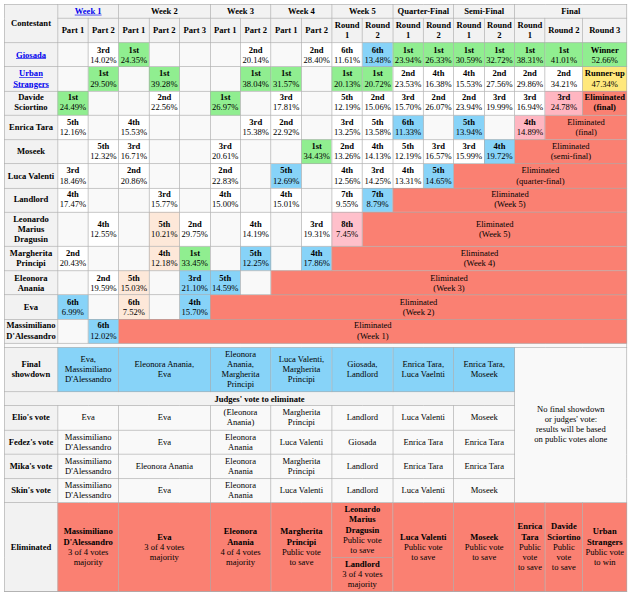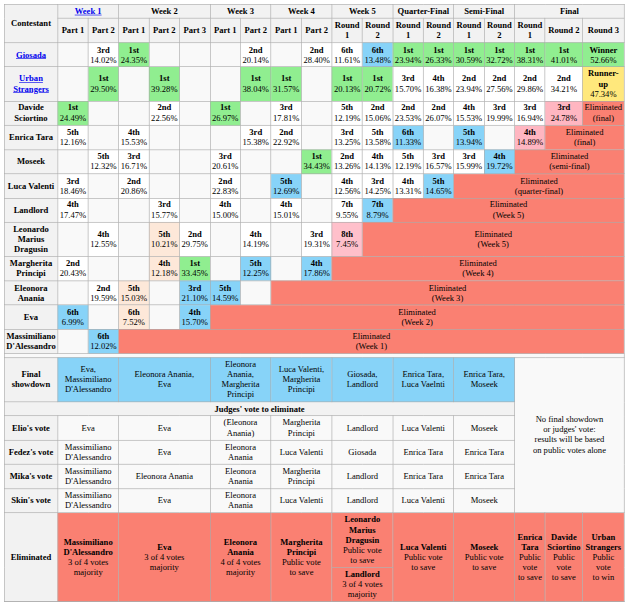 <table class="wikitable" style="text-align:center; font-size:85%">
 <tr>
 <th rowspan="2" style="width:10em;">Contestant</th>
 <th colspan="2"><a href='#'>Week 1</a></th>
 <th colspan="3">Week 2</th>
 <th colspan="2">Week 3</th>
 <th colspan="2">Week 4</th>
 <th colspan="2">Week 5</th>
 <th colspan="2">Quarter-Final</th>
 <th colspan="2">Semi-Final</th>
 <th colspan="3">Final</th>
 </tr>
 <tr>
 <th>Part 1</th>
 <th>Part 2</th>
 <th>Part 1</th>
 <th>Part 2</th>
 <th>Part 3</th>
 <th>Part 1</th>
 <th>Part 2</th>
 <th>Part 1</th>
 <th>Part 2</th>
 <th>Round 1</th>
 <th>Round 2</th>
 <th>Round 1</th>
 <th>Round 2</th>
 <th>Round 1</th>
 <th>Round 2</th>
 <th>Round 1</th>
 <th>Round 2</th>
 <th>Round 3</th>
 </tr>
 <tr>
 <th><a href='#'>Giosada</a></th>
 <td></td>
 <td style="background:#FFFFFF"><strong>3rd</strong><br>14.02%</td>
 <td style="background:lightgreen"><strong>1st</strong><br>24.35%</td>
 <td></td>
 <td></td>
 <td></td>
 <td style="background:#FFFFFF"><strong>2nd</strong><br>20.14%</td>
 <td></td>
 <td style="background:#FFFFFF"><strong>2nd</strong><br>28.40%</td>
 <td style="background:#FFFFFF"><strong>6th</strong><br>11.61%</td>
 <td style="background:#87D3F8"><strong>6th</strong><br>13.48%</td>
 <td style="background:lightgreen"><strong>1st</strong><br>23.94%</td>
 <td style="background:lightgreen"><strong>1st</strong><br>26.33%</td>
 <td style="background:lightgreen"><strong>1st</strong><br>30.59%</td>
 <td style="background:lightgreen"><strong>1st</strong><br>32.72%</td>
 <td style="background:lightgreen"><strong>1st</strong><br>38.31%</td>
 <td style="background:lightgreen"><strong>1st</strong><br>41.01%</td>
 <td style="background:lightgreen; width:5%"><strong>Winner<br></strong>52.66%</td>
 </tr>
 <tr>
 <th><a href='#'>Urban Strangers</a></th>
 <td></td>
 <td style="background:lightgreen"><strong>1st</strong><br>29.50%</td>
 <td></td>
 <td style="background:lightgreen"><strong>1st</strong><br>39.28%</td>
 <td></td>
 <td></td>
 <td style="background:lightgreen"><strong>1st</strong><br>38.04%</td>
 <td style="background:lightgreen"><strong>1st</strong><br>31.57%</td>
 <td></td>
 <td style="background:lightgreen"><strong>1st</strong><br>20.13%</td>
 <td style="background:lightgreen"><strong>1st</strong><br>20.72%</td>
-<td style="background:#FFFFFF"><strong>2nd</strong><br>23.53%</td>
+<td style="background:#FFFFFF"><strong>3rd</strong><br>15.70%</td>
 <td style="background:#FFFFFF"><strong>4th</strong><br>16.38%</td>
-<td style="background:#FFFFFF"><strong>4th</strong><br>15.53%</td>
+<td style="background:#FFFFFF"><strong>2nd</strong><br>23.94%</td>
 <td style="background:#FFFFFF"><strong>2nd</strong><br>27.56%</td>
 <td style="background:#FFFFFF"><strong>2nd</strong><br>29.86%</td>
 <td style="background:#FFFFFF"><strong>2nd</strong><br>34.21%</td>
 <td style="background:#FFE87C"><strong>Runner-up<br></strong>47.34%</td>
 </tr>
 <tr>
 <th>Davide Sciortino</th>
 <td style="background:lightgreen"><strong>1st</strong><br>24.49%</td>
 <td></td>
 <td></td>
 <td style="background:#FFFFFF"><strong>2nd</strong><br>22.56%</td>
 <td></td>
 <td style="background:lightgreen"><strong>1st</strong><br>26.97%</td>
 <td></td>
 <td style="background:#FFFFFF"><strong>3rd</strong><br>17.81%</td>
 <td></td>
 <td style="background:#FFFFFF"><strong>5th</strong><br>12.19%</td>
 <td style="background:#FFFFFF"><strong>2nd</strong><br>15.06%</td>
-<td style="background:#FFFFFF"><strong>3rd</strong><br>15.70%</td>
+<td style="background:#FFFFFF"><strong>2nd</strong><br>23.53%</td>
 <td style="background:#FFFFFF"><strong>2nd</strong><br>26.07%</td>
-<td style="background:#FFFFFF"><strong>2nd</strong><br>23.94%</td>
+<td style="background:#FFFFFF"><strong>4th</strong><br>15.53%</td>
 <td style="background:#FFFFFF"><strong>3rd</strong><br>19.99%</td>
 <td style="background:#FFFFFF"><strong>3rd</strong><br>16.94%</td>
 <td bgcolor=lightpink><strong>3rd</strong><br>24.78%</td>
-<td style="background:#FA8072"><strong>Eliminated<br>(final)</strong></td>
+<td style="background:#FA8072">Eliminated<br>(final)</td>
 </tr>
 <tr>
 <th>Enrica Tara</th>
 <td style="background:#FFFFFF"><strong>5th</strong><br>12.16%</td>
 <td></td>
 <td style="background:#FFFFFF"><strong>4th</strong><br>15.53%</td>
 <td></td>
 <td></td>
 <td></td>
 <td style="background:#FFFFFF"><strong>3rd</strong><br>15.38%</td>
 <td style="background:#FFFFFF"><strong>2nd</strong><br>22.92%</td>
 <td></td>
 <td style="background:#FFFFFF"><strong>3rd</strong><br>13.25%</td>
 <td style="background:#FFFFFF"><strong>5th</strong><br>13.58%</td>
 <td style="background:#87D3F8"><strong>6th</strong><br>11.33%</td>
 <td></td>
 <td style="background:#87D3F8"><strong>5th</strong><br>13.94%</td>
 <td></td>
 <td bgcolor=lightpink><strong>4th</strong><br>14.89%</td>
 <td style="background:#FA8072" colspan=2>Eliminated<br>(final)</td>
 </tr>
 <tr>
 <th>Moseek</th>
 <td></td>
 <td style="background:#FFFFFF"><strong>5th</strong><br>12.32%</td>
 <td style="background:#FFFFFF"><strong>3rd</strong><br>16.71%</td>
 <td></td>
 <td></td>
 <td style="background:#FFFFFF"><strong>3rd</strong><br>20.61%</td>
 <td></td>
 <td></td>
 <td style="background:lightgreen"><strong>1st</strong><br>34.43%</td>
 <td style="background:#FFFFFF"><strong>2nd</strong><br>13.26%</td>
 <td style="background:#FFFFFF"><strong>4th</strong><br>14.13%</td>
 <td style="background:#FFFFFF"><strong>5th</strong><br>12.19%</td>
 <td style="background:#FFFFFF"><strong>3rd</strong><br>16.57%</td>
 <td style="background:#FFFFFF"><strong>3rd</strong><br>15.99%</td>
 <td style="background:#87D3F8"><strong>4th</strong><br>19.72%</td>
 <td style="background:#FA8072" colspan=3>Eliminated<br>(semi-final)</td>
 </tr>
 <tr>
 <th>Luca Valenti</th>
 <td style="background:#FFFFFF"><strong>3rd</strong><br>18.46%</td>
 <td></td>
 <td style="background:#FFFFFF"><strong>2nd</strong><br>20.86%</td>
 <td></td>
 <td></td>
 <td style="background:#FFFFFF"><strong>2nd</strong><br>22.83%</td>
 <td></td>
 <td style="background:#87D3F8"><strong>5th</strong><br>12.69%</td>
 <td></td>
 <td style="background:#FFFFFF"><strong>4th</strong><br>12.56%</td>
 <td style="background:#FFFFFF"><strong>3rd</strong><br>14.25%</td>
 <td style="background:#FFFFFF"><strong>4th</strong><br>13.31%</td>
 <td style="background:#87D3F8"><strong>5th</strong><br>14.65%</td>
 <td style="background:#FA8072" colspan=5>Eliminated<br>(quarter-final)</td>
 </tr>
 <tr>
 <th>Landlord</th>
 <td style="background:#FFFFFF"><strong>4th</strong><br>17.47%</td>
 <td></td>
 <td></td>
 <td style="background:#FFFFFF"><strong>3rd</strong><br>15.77%</td>
 <td></td>
 <td style="background:#FFFFFF"><strong>4th</strong><br>15.00%</td>
 <td></td>
 <td style="background:#FFFFFF"><strong>4th</strong><br>15.01%</td>
 <td></td>
 <td style="background:#FFFFFF"><strong>7th</strong><br>9.55%</td>
 <td style="background:#87D3F8"><strong>7th</strong><br>8.79%</td>
 <td style="background:#FA8072" colspan=7>Eliminated<br>(Week 5)</td>
 </tr>
 <tr>
 <th>Leonardo Marius Dragusin</th>
 <td></td>
 <td style="background:#FFFFFF"><strong>4th</strong><br>12.55%</td>
 <td></td>
 <td style="background:#FDE8D9"><strong>5th</strong><br>10.21%</td>
 <td style="background:#FFFFFF"><strong>2nd</strong><br>29.75%</td>
 <td></td>
 <td style="background:#FFFFFF"><strong>4th</strong><br>14.19%</td>
 <td></td>
 <td style="background:#FFFFFF"><strong>3rd</strong><br>19.31%</td>
 <td style="background:pink"><strong>8th</strong><br>7.45%</td>
 <td style="background:#FA8072" colspan=8>Eliminated<br>(Week 5)</td>
 </tr>
 <tr>
 <th>Margherita Principi</th>
 <td style="background:#FFFFFF"><strong>2nd</strong><br>20.43%</td>
 <td></td>
 <td></td>
 <td style="background:#FDE8D9"><strong>4th</strong><br>12.18%</td>
 <td style="background:lightgreen"><strong>1st</strong><br>33.45%</td>
 <td></td>
 <td style="background:#87D3F8"><strong>5th</strong><br>12.25%</td>
 <td></td>
 <td style="background:#87D3F8"><strong>4th</strong><br>17.86%</td>
 <td style="background:#FA8072" colspan=9>Eliminated<br>(Week 4)</td>
 </tr>
 <tr>
 <th>Eleonora Anania</th>
 <td></td>
 <td style="background:#FFFFFF"><strong>2nd</strong><br>19.59%</td>
 <td style="background:#FDE8D9"><strong>5th</strong><br>15.03%</td>
 <td></td>
 <td style="background:#87D3F8"><strong>3rd</strong><br>21.10%</td>
 <td style="background:#87D3F8"><strong>5th</strong><br>14.59%</td>
 <td></td>
 <td style="background:#FA8072" colspan=11>Eliminated<br>(Week 3)</td>
 </tr>
 <tr>
 <th>Eva</th>
 <td style="background:#87D3F8"><strong>6th</strong><br>6.99%</td>
 <td></td>
 <td style="background:#FDE8D9"><strong>6th</strong><br>7.52%</td>
 <td></td>
 <td style="background:#87D3F8"><strong>4th</strong><br>15.70%</td>
 <td style="background:#FA8072" colspan=13>Eliminated<br>(Week 2)</td>
 </tr>
 <tr>
 <th>Massimiliano D'Alessandro</th>
 <td></td>
 <td style="background:#87D3F8"><strong>6th</strong><br>12.02%</td>
 <td style="background:#FA8072" colspan=16>Eliminated<br>(Week 1)</td>
 </tr>
 <tr>
 <td colspan=22></td>
 </tr>
 <tr>
 <th>Final showdown</th>
 <td style="background:#87D3F8" colspan="2">Eva,<br>Massimiliano D'Alessandro</td>
 <td style="background:#87D3F8" colspan=3>Eleonora Anania,<br>Eva</td>
 <td style="background:#87D3F8" colspan=2>Eleonora Anania,<br>Margherita Principi</td>
 <td style="background:#87D3F8" colspan=2>Luca Valenti,<br>Margherita Principi</td>
 <td style="background:#87D3F8" colspan=2>Giosada,<br>Landlord</td>
 <td style="background:#87D3F8" colspan=2>Enrica Tara,<br>Luca Vaelnti</td>
 <td style="background:#87D3F8" colspan=2>Enrica Tara,<br>Moseek</td>
 <td colspan=4 rowspan=6>No final showdown<br>or judges' vote:<br>results will be based<br>on public votes alone</td>
 </tr>
 <tr>
 <th colspan="16">Judges' vote to eliminate</th>
 </tr>
 <tr>
 <th>Elio's vote</th>
 <td colspan=2>Eva</td>
 <td colspan=3>Eva</td>
 <td colspan=2>(Eleonora Anania)</td>
 <td colspan=2>Margherita Principi</td>
 <td colspan=2>Landlord</td>
 <td colspan=2>Luca Valenti</td>
 <td colspan=2>Moseek</td>
 </tr>
 <tr>
 <th>Fedez's vote</th>
 <td colspan=2>Massimiliano D'Alessandro</td>
 <td colspan=3>Eva</td>
 <td colspan=2>Eleonora Anania</td>
 <td colspan=2>Luca Valenti</td>
 <td colspan=2>Giosada</td>
 <td colspan=2>Enrica Tara</td>
 <td colspan=2>Enrica Tara</td>
 </tr>
 <tr>
 <th>Mika's vote</th>
 <td colspan=2>Massimiliano D'Alessandro</td>
 <td colspan=3>Eleonora Anania</td>
 <td colspan=2>Eleonora Anania</td>
 <td colspan=2>Margherita Principi</td>
 <td colspan=2>Landlord</td>
 <td colspan=2>Enrica Tara</td>
 <td colspan=2>Enrica Tara</td>
 </tr>
 <tr>
 <th>Skin's vote</th>
 <td colspan=2>Massimiliano D'Alessandro</td>
 <td colspan=3>Eva</td>
 <td colspan=2>Eleonora Anania</td>
 <td colspan=2>Luca Valenti</td>
 <td colspan=2>Landlord</td>
 <td colspan=2>Luca Valenti</td>
 <td colspan=2>Moseek</td>
 </tr>
 <tr>
 <th rowspan=2 colspan=1>Eliminated</th>
 <td style="background:salmon;" rowspan=2 colspan=2><strong>Massimiliano D'Alessandro</strong><br>3 of 4 votes<br>majority</td>
 <td style="background:salmon;" rowspan=2 colspan=3><strong>Eva</strong><br>3 of 4 votes<br>majority</td>
 <td colspan="2" rowspan="2" style="background:salmon;"><strong>Eleonora Anania</strong><br>4 of 4 votes<br>majority</td>
 <td colspan="2" rowspan="2" style="background:salmon;"><strong>Margherita Principi</strong><br>Public vote<br>to save</td>
 <td style="background:salmon;" colspan=2><strong>Leonardo Marius Dragusin</strong><br>Public vote<br>to save</td>
 <td colspan="2" rowspan="2" style="background:salmon;"><strong>Luca Valenti </strong><br>Public vote<br>to save</td>
 <td style="background:salmon;" rowspan=2 colspan=2><strong>Moseek</strong><br>Public vote<br>to save</td>
 <td style="background:salmon;" rowspan=2><strong>Enrica Tara</strong><br>Public vote<br>to save</td>
 <td style="background:#FA8072" rowspan=2><strong>Davide Sciortino</strong><br>Public vote<br>to save</td>
 <td style="background:#FA8072" rowspan=2><strong>Urban Strangers</strong><br>Public vote<br>to win</td>
 </tr>
 <tr>
 <td style="background:salmon;" colspan=2><strong>Landlord</strong><br>3 of 4 votes<br>majority</td>
 </tr>
 <tr>
 </tr>
 </table>
